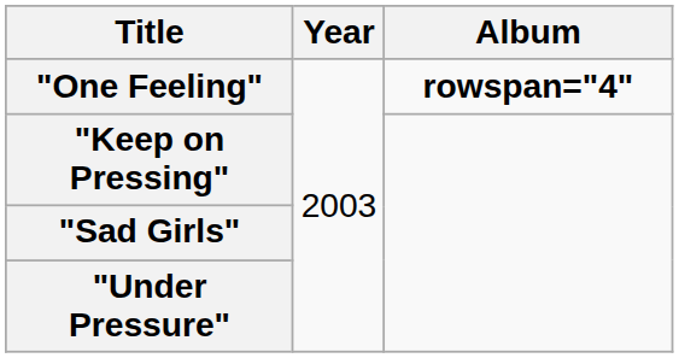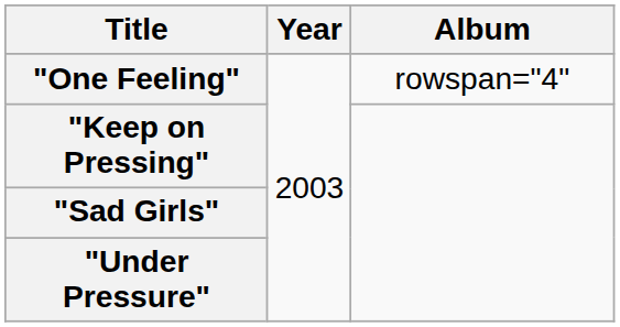 <table class="wikitable plainrowheaders" style="text-align:center;">
 <tr>
 <th scope="col" style="width:8em;">Title</th>
 <th scope="col" style="width:1em;">Year</th>
 <th scope="col" style="width:8em;">Album</th>
 </tr>
 <tr>
 <th scope="row">"One Feeling"</th>
 <td rowspan="4">2003</td>
-<td><strong>rowspan="4" </strong></td>
+<td>rowspan="4" </td>
 </tr>
 <tr>
 <th scope="row">"Keep on Pressing"</th>
 </tr>
 <tr>
 <th scope="row">"Sad Girls"</th>
 </tr>
 <tr>
 <th scope="row">"Under Pressure"</th>
 </tr>
 </table>
